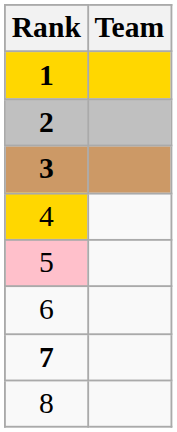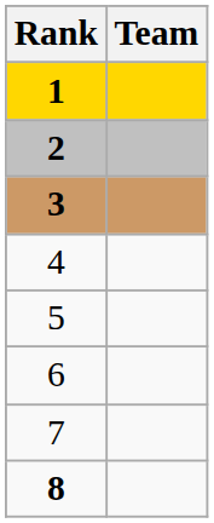 <table class="wikitable" style="text-align:center">
 <tr>
 <th>Rank</th>
 <th>Team</th>
 </tr>
 <tr bgcolor="gold">
 <td><strong>1</strong></td>
 <td align="left"></td>
 </tr>
 <tr bgcolor="silver">
 <td><strong>2</strong></td>
 <td align="left"><strong></strong></td>
 </tr>
 <tr bgcolor="#CC9966">
 <td><strong>3</strong></td>
 <td align="left"></td>
 </tr>
 <tr>
-<td style="background: gold;">4</td>
+<td>4</td>
 <td align="left"></td>
 </tr>
 <tr>
-<td style="background: pink;">5</td>
+<td>5</td>
 <td align="left"></td>
 </tr>
 <tr>
 <td>6</td>
 <td align="left"></td>
 </tr>
 <tr>
-<td><strong>7</strong></td>
+<td>7</td>
 <td align="left"></td>
 </tr>
 <tr>
-<td>8</td>
+<td><strong>8</strong></td>
 <td align="left"></td>
 </tr>
 </table>
